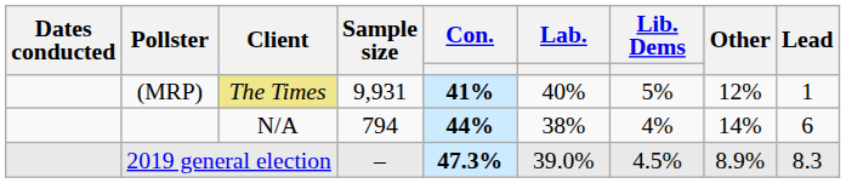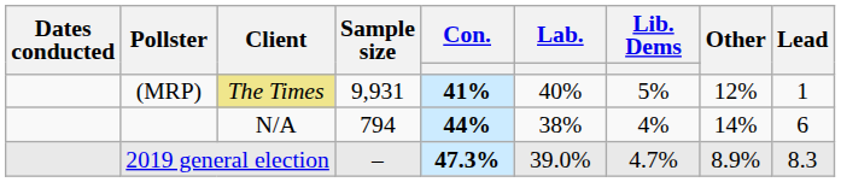 <table class="wikitable sortable mw-datatable" style="text-align:center; font-size:90%; line-height:14px;">
 <tr>
 <th rowspan="2">Dates<br>conducted</th>
 <th rowspan="2">Pollster</th>
 <th rowspan="2">Client</th>
 <th data-sort-type="number" rowspan="2">Sample<br>size</th>
 <th class="unsortable" style="width:50px;"><a href='#'>Con.</a></th>
 <th class="unsortable" style="width:50px;"><a href='#'>Lab.</a></th>
 <th class="unsortable" style="width:50px;"><a href='#'>Lib. Dems</a></th>
 <th class="unsortable" rowspan="2">Other</th>
 <th data-sort-type="number" rowspan="2">Lead</th>
 </tr>
 <tr>
 <th data-sort-type="number" style="background:"></th>
 <th data-sort-type="number" style="background:"></th>
 <th data-sort-type="number" style="background:"></th>
 </tr>
 <tr>
 <td></td>
 <td> (MRP)</td>
 <td style="background: khaki;"><em>The Times</em></td>
 <td>9,931</td>
 <td style="background:#CCEBFF;"><strong>41%</strong></td>
 <td>40%</td>
 <td>5%</td>
 <td>12%</td>
 <td style="background:">1</td>
 </tr>
 <tr>
 <td></td>
 <td></td>
 <td>N/A</td>
 <td>794</td>
 <td style="background:#CCEBFF;"><strong>44%</strong></td>
 <td>38%</td>
 <td>4%</td>
 <td>14%</td>
 <td style="background:">6</td>
 </tr>
 <tr style="background:#e9e9e9;">
 <td></td>
 <td colspan="2"><a href='#'>2019 general election</a></td>
 <td>–</td>
 <td style="background:#CCEBFF;"><strong>47.3%</strong></td>
 <td>39.0%</td>
-<td>4.5%</td>
+<td>4.7%</td>
 <td>8.9%</td>
 <td style="background:">8.3</td>
 </tr>
 </table>
